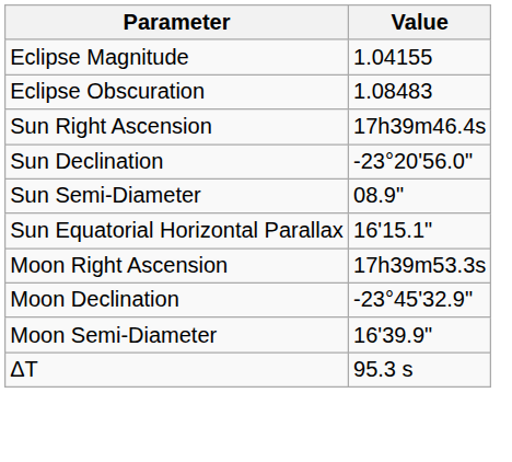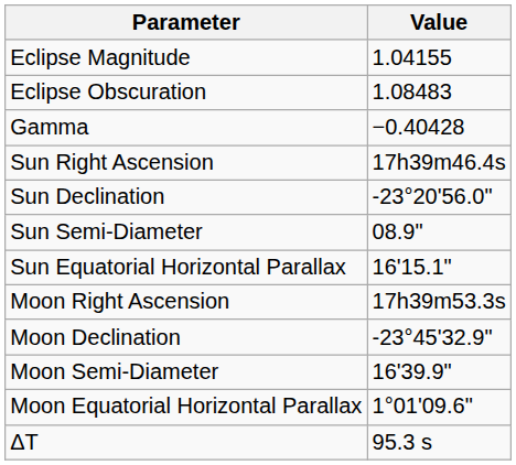 <table class="wikitable">
 <tr>
 <th>Parameter</th>
 <th>Value</th>
 </tr>
 <tr>
 <td>Eclipse Magnitude</td>
 <td>1.04155</td>
 </tr>
 <tr>
 <td>Eclipse Obscuration</td>
 <td>1.08483</td>
+</tr>
+<tr>
+<td>Gamma</td>
+<td>−0.40428</td>
 </tr>
 <tr>
 <td>Sun Right Ascension</td>
 <td>17h39m46.4s</td>
 </tr>
 <tr>
 <td>Sun Declination</td>
 <td>-23°20'56.0"</td>
 </tr>
 <tr>
 <td>Sun Semi-Diameter</td>
 <td>08.9"</td>
 </tr>
 <tr>
 <td>Sun Equatorial Horizontal Parallax</td>
 <td>16'15.1"</td>
 </tr>
 <tr>
 <td>Moon Right Ascension</td>
 <td>17h39m53.3s</td>
 </tr>
 <tr>
 <td>Moon Declination</td>
 <td>-23°45'32.9"</td>
 </tr>
 <tr>
 <td>Moon Semi-Diameter</td>
 <td>16'39.9"</td>
 </tr>
 <tr>
+<td>Moon Equatorial Horizontal Parallax</td>
+<td>1°01'09.6"</td>
+</tr>
+<tr>
 <td>ΔT</td>
 <td>95.3 s</td>
 </tr>
 </table>
